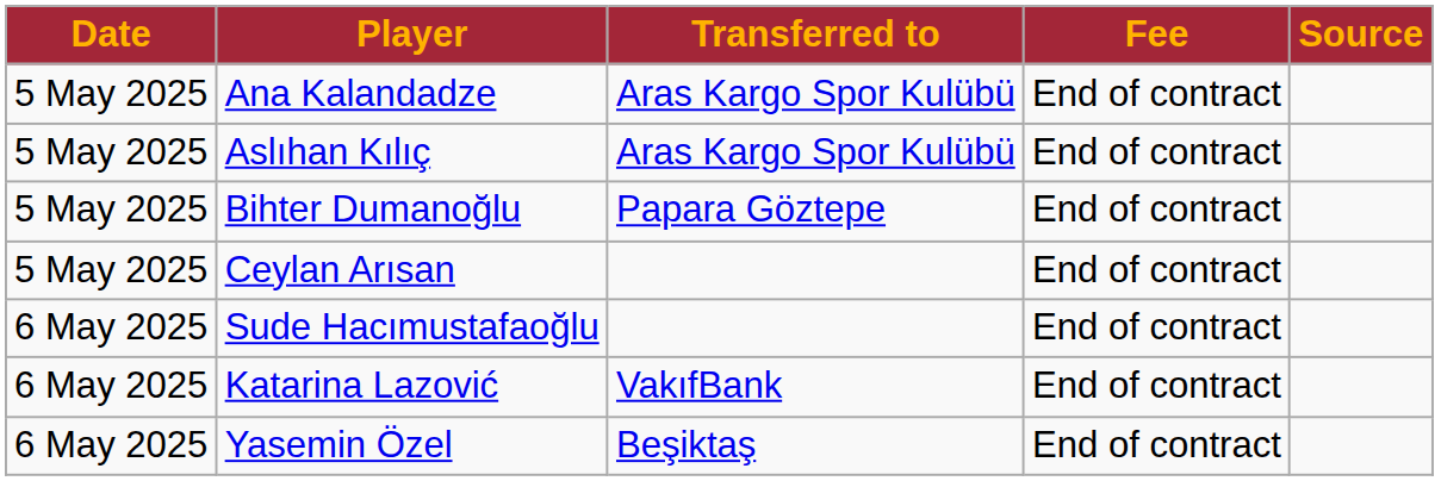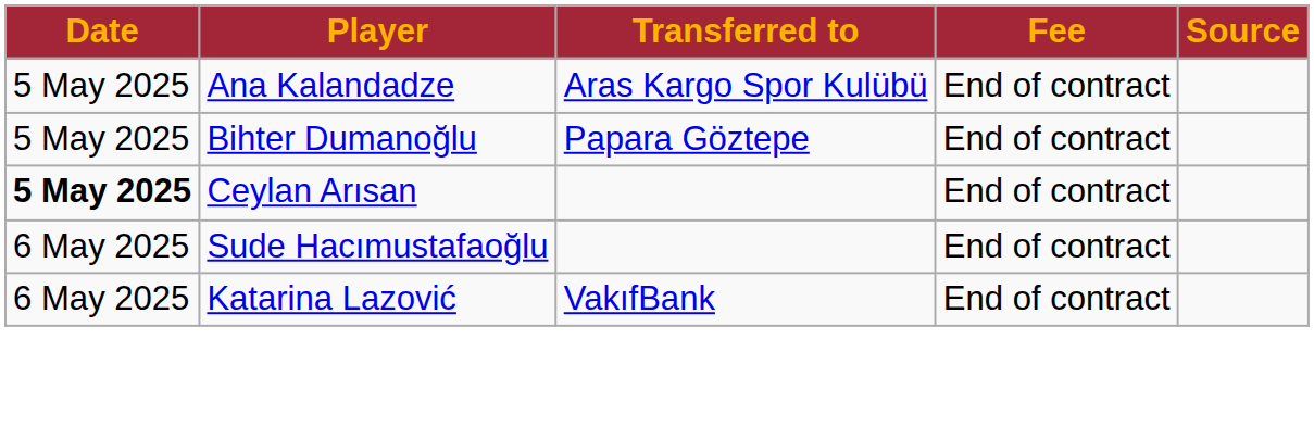 <table class="wikitable plainrowheaders sortable">
 <tr>
 <th style="background:#A32638; color:#FFB300; ">Date</th>
 <th style="background:#A32638; color:#FFB300; ">Player</th>
 <th style="background:#A32638; color:#FFB300; ">Transferred to</th>
 <th style="background:#A32638; color:#FFB300; ">Fee</th>
 <th style="background:#A32638; color:#FFB300; ">Source</th>
 </tr>
 <tr>
 <td>5 May 2025</td>
 <td align=left> <a href='#'>Ana Kalandadze</a></td>
 <td align=left> <a href='#'>Aras Kargo Spor Kulübü</a></td>
 <td>End of contract</td>
 <td></td>
 </tr>
 <tr>
 <td>5 May 2025</td>
-<td align=left> <a href='#'>Aslıhan Kılıç</a></td>
-<td align=left> <a href='#'>Aras Kargo Spor Kulübü</a></td>
-<td>End of contract</td>
-<td></td>
-</tr>
-<tr>
-<td>5 May 2025</td>
 <td align=left> <a href='#'>Bihter Dumanoğlu</a></td>
 <td align=left> <a href='#'>Papara Göztepe</a></td>
 <td>End of contract</td>
 <td></td>
 </tr>
 <tr>
-<td>5 May 2025</td>
+<td><strong>5 May 2025</strong></td>
 <td align=left> <a href='#'>Ceylan Arısan</a></td>
 <td align=left></td>
 <td>End of contract</td>
 <td></td>
 </tr>
 <tr>
 <td>6 May 2025</td>
 <td align=left> <a href='#'>Sude Hacımustafaoğlu</a></td>
 <td align=left></td>
 <td>End of contract</td>
 <td></td>
 </tr>
 <tr>
 <td>6 May 2025</td>
 <td align=left> <a href='#'>Katarina Lazović</a></td>
 <td align=left> <a href='#'>VakıfBank</a></td>
 <td>End of contract</td>
 <td></td>
 </tr>
-<tr>
-<td>6 May 2025</td>
-<td align=left> <a href='#'>Yasemin Özel</a></td>
-<td align=left> <a href='#'>Beşiktaş</a></td>
-<td>End of contract</td>
-<td></td>
-</tr>
 </table>
